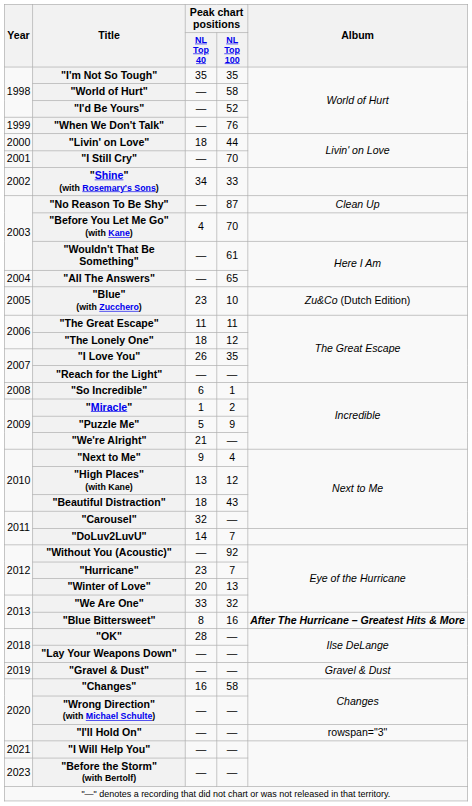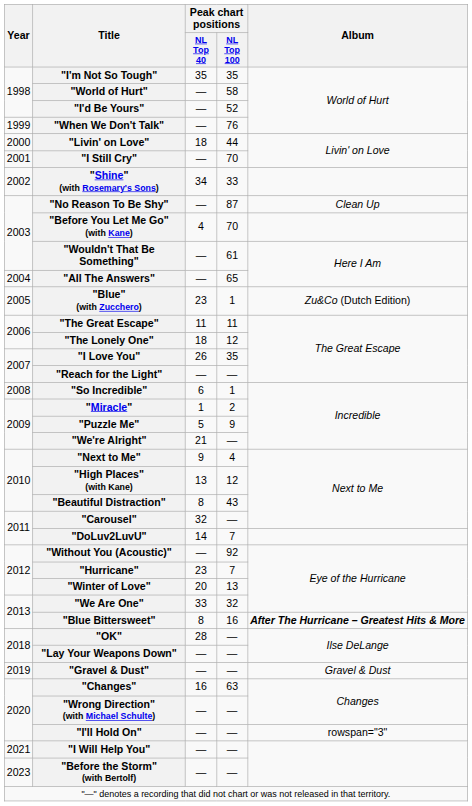 <table class="wikitable plainrowheaders" style="text-align:center;" border="1">
 <tr>
 <th scope="col" rowspan="2" style="width:1em;">Year</th>
 <th scope="col" rowspan="2" style="width:14em;">Title</th>
 <th scope="col" colspan="2">Peak chart positions</th>
 <th scope="col" rowspan="2">Album</th>
 </tr>
 <tr>
 <th scope="col" style="width:3em;font-size:85%;"><a href='#'>NL<br>Top 40</a><br></th>
 <th scope="col" style="width:3em;font-size:85%;"><a href='#'>NL<br>Top 100</a><br></th>
 </tr>
 <tr>
 <td rowspan="3">1998</td>
 <th scope="row">"I'm Not So Tough"</th>
 <td>35</td>
 <td>35</td>
 <td rowspan="4"><em>World of Hurt</em></td>
 </tr>
 <tr>
 <th scope="row">"World of Hurt"</th>
 <td>—</td>
 <td>58</td>
 </tr>
 <tr>
 <th scope="row">"I'd Be Yours"</th>
 <td>—</td>
 <td>52</td>
 </tr>
 <tr>
 <td>1999</td>
 <th scope="row">"When We Don't Talk"</th>
 <td>—</td>
 <td>76</td>
 </tr>
 <tr>
 <td>2000</td>
 <th scope="row">"Livin' on Love"</th>
 <td>18</td>
 <td>44</td>
 <td rowspan="2"><em>Livin' on Love</em></td>
 </tr>
 <tr>
 <td>2001</td>
 <th scope="row">"I Still Cry"</th>
 <td>—</td>
 <td>70</td>
 </tr>
 <tr>
 <td>2002</td>
 <th scope="row">"<a href='#'>Shine</a>"<br><small>(with <a href='#'>Rosemary's Sons</a>)</small></th>
 <td>34</td>
 <td>33</td>
 <td></td>
 </tr>
 <tr>
 <td rowspan="3">2003</td>
 <th scope="row">"No Reason To Be Shy"</th>
 <td>—</td>
 <td>87</td>
 <td><em>Clean Up</em></td>
 </tr>
 <tr>
 <th scope="row">"Before You Let Me Go"<br><small>(with <a href='#'>Kane</a>)</small></th>
 <td>4</td>
 <td>70</td>
 <td></td>
 </tr>
 <tr>
 <th scope="row">"Wouldn't That Be Something"</th>
 <td>—</td>
 <td>61</td>
 <td rowspan="2"><em>Here I Am</em></td>
 </tr>
 <tr>
 <td>2004</td>
 <th scope="row">"All The Answers"</th>
 <td>—</td>
 <td>65</td>
 </tr>
 <tr>
 <td>2005</td>
 <th scope="row">"Blue"<br><small>(with <a href='#'>Zucchero</a>)</small></th>
 <td>23</td>
-<td>10</td>
+<td>1</td>
 <td><em>Zu&Co</em> (Dutch Edition)</td>
 </tr>
 <tr>
 <td rowspan="2">2006</td>
 <th scope="row">"The Great Escape"</th>
 <td>11</td>
 <td>11</td>
 <td rowspan="4"><em>The Great Escape</em></td>
 </tr>
 <tr>
 <th scope="row">"The Lonely One"</th>
 <td>18</td>
 <td>12</td>
 </tr>
 <tr>
 <td rowspan="2">2007</td>
 <th scope="row">"I Love You"</th>
 <td>26</td>
 <td>35</td>
 </tr>
 <tr>
 <th scope="row">"Reach for the Light"</th>
 <td>—</td>
 <td>—</td>
 </tr>
 <tr>
 <td>2008</td>
 <th scope="row">"So Incredible"</th>
 <td>6</td>
 <td>1</td>
 <td rowspan="4"><em>Incredible</em></td>
 </tr>
 <tr>
 <td rowspan="3">2009</td>
 <th scope="row">"<a href='#'>Miracle</a>"</th>
 <td>1</td>
 <td>2</td>
 </tr>
 <tr>
 <th scope="row">"Puzzle Me"</th>
 <td>5</td>
 <td>9</td>
 </tr>
 <tr>
 <th scope="row">"We're Alright"</th>
 <td>21</td>
 <td>—</td>
 </tr>
 <tr>
 <td rowspan="3">2010</td>
 <th scope="row">"Next to Me"</th>
 <td>9</td>
 <td>4</td>
 <td rowspan="4"><em>Next to Me</em></td>
 </tr>
 <tr>
 <th scope="row">"High Places"<br><small>(with Kane)</small></th>
 <td>13</td>
 <td>12</td>
 </tr>
 <tr>
 <th scope="row">"Beautiful Distraction"</th>
-<td>18</td>
+<td>8</td>
 <td>43</td>
 </tr>
 <tr>
 <td rowspan="2">2011</td>
 <th scope="row">"Carousel"</th>
 <td>32</td>
 <td>—</td>
 </tr>
 <tr>
 <th scope="row">"DoLuv2LuvU"</th>
 <td>14</td>
 <td>7</td>
 <td></td>
 </tr>
 <tr>
 <td rowspan="3">2012</td>
 <th scope="row">"Without You (Acoustic)"</th>
 <td>—</td>
 <td>92</td>
 <td rowspan="4"><em>Eye of the Hurricane</em></td>
 </tr>
 <tr>
 <th scope="row">"Hurricane"</th>
 <td>23</td>
 <td>7</td>
 </tr>
 <tr>
 <th scope="row">"Winter of Love"</th>
 <td>20</td>
 <td>13</td>
 </tr>
 <tr>
 <td rowspan="2">2013</td>
 <th scope="row">"We Are One"</th>
 <td>33</td>
 <td>32</td>
 </tr>
 <tr>
 <th scope="row">"Blue Bittersweet"</th>
 <td>8</td>
 <td>16</td>
 <td><strong><em>After The Hurricane – Greatest Hits & More</em></strong></td>
 </tr>
 <tr>
 <td rowspan="2">2018</td>
 <th scope="row">"OK"</th>
 <td>28</td>
 <td>—</td>
 <td rowspan="2"><em>Ilse DeLange</em></td>
 </tr>
 <tr>
 <th scope="row">"Lay Your Weapons Down"</th>
 <td>—</td>
 <td>—</td>
 </tr>
 <tr>
 <td>2019</td>
 <th scope="row">"Gravel & Dust"</th>
 <td>—</td>
 <td>—</td>
 <td><em>Gravel & Dust</em></td>
 </tr>
 <tr>
 <td rowspan="3">2020</td>
 <th scope="row">"Changes"</th>
 <td>16</td>
-<td>58</td>
+<td>63</td>
 <td rowspan="2"><em>Changes</em></td>
 </tr>
 <tr>
 <th scope="row">"Wrong Direction"<br><small>(with <a href='#'>Michael Schulte</a>)</small></th>
 <td>—</td>
 <td>—</td>
 </tr>
 <tr>
 <th scope="row">"I'll Hold On"</th>
 <td>—</td>
 <td>—</td>
 <td>rowspan="3" </td>
 </tr>
 <tr>
 <td>2021</td>
 <th scope="row">"I Will Help You"</th>
 <td>—</td>
 <td>—</td>
 </tr>
 <tr>
 <td>2023</td>
 <th scope="row">"Before the Storm"<br><small>(with Bertolf)</small></th>
 <td>—</td>
 <td>—</td>
 </tr>
 <tr>
 <td colspan="14" style="font-size:85%">"—" denotes a recording that did not chart or was not released in that territory.</td>
 </tr>
 </table>
